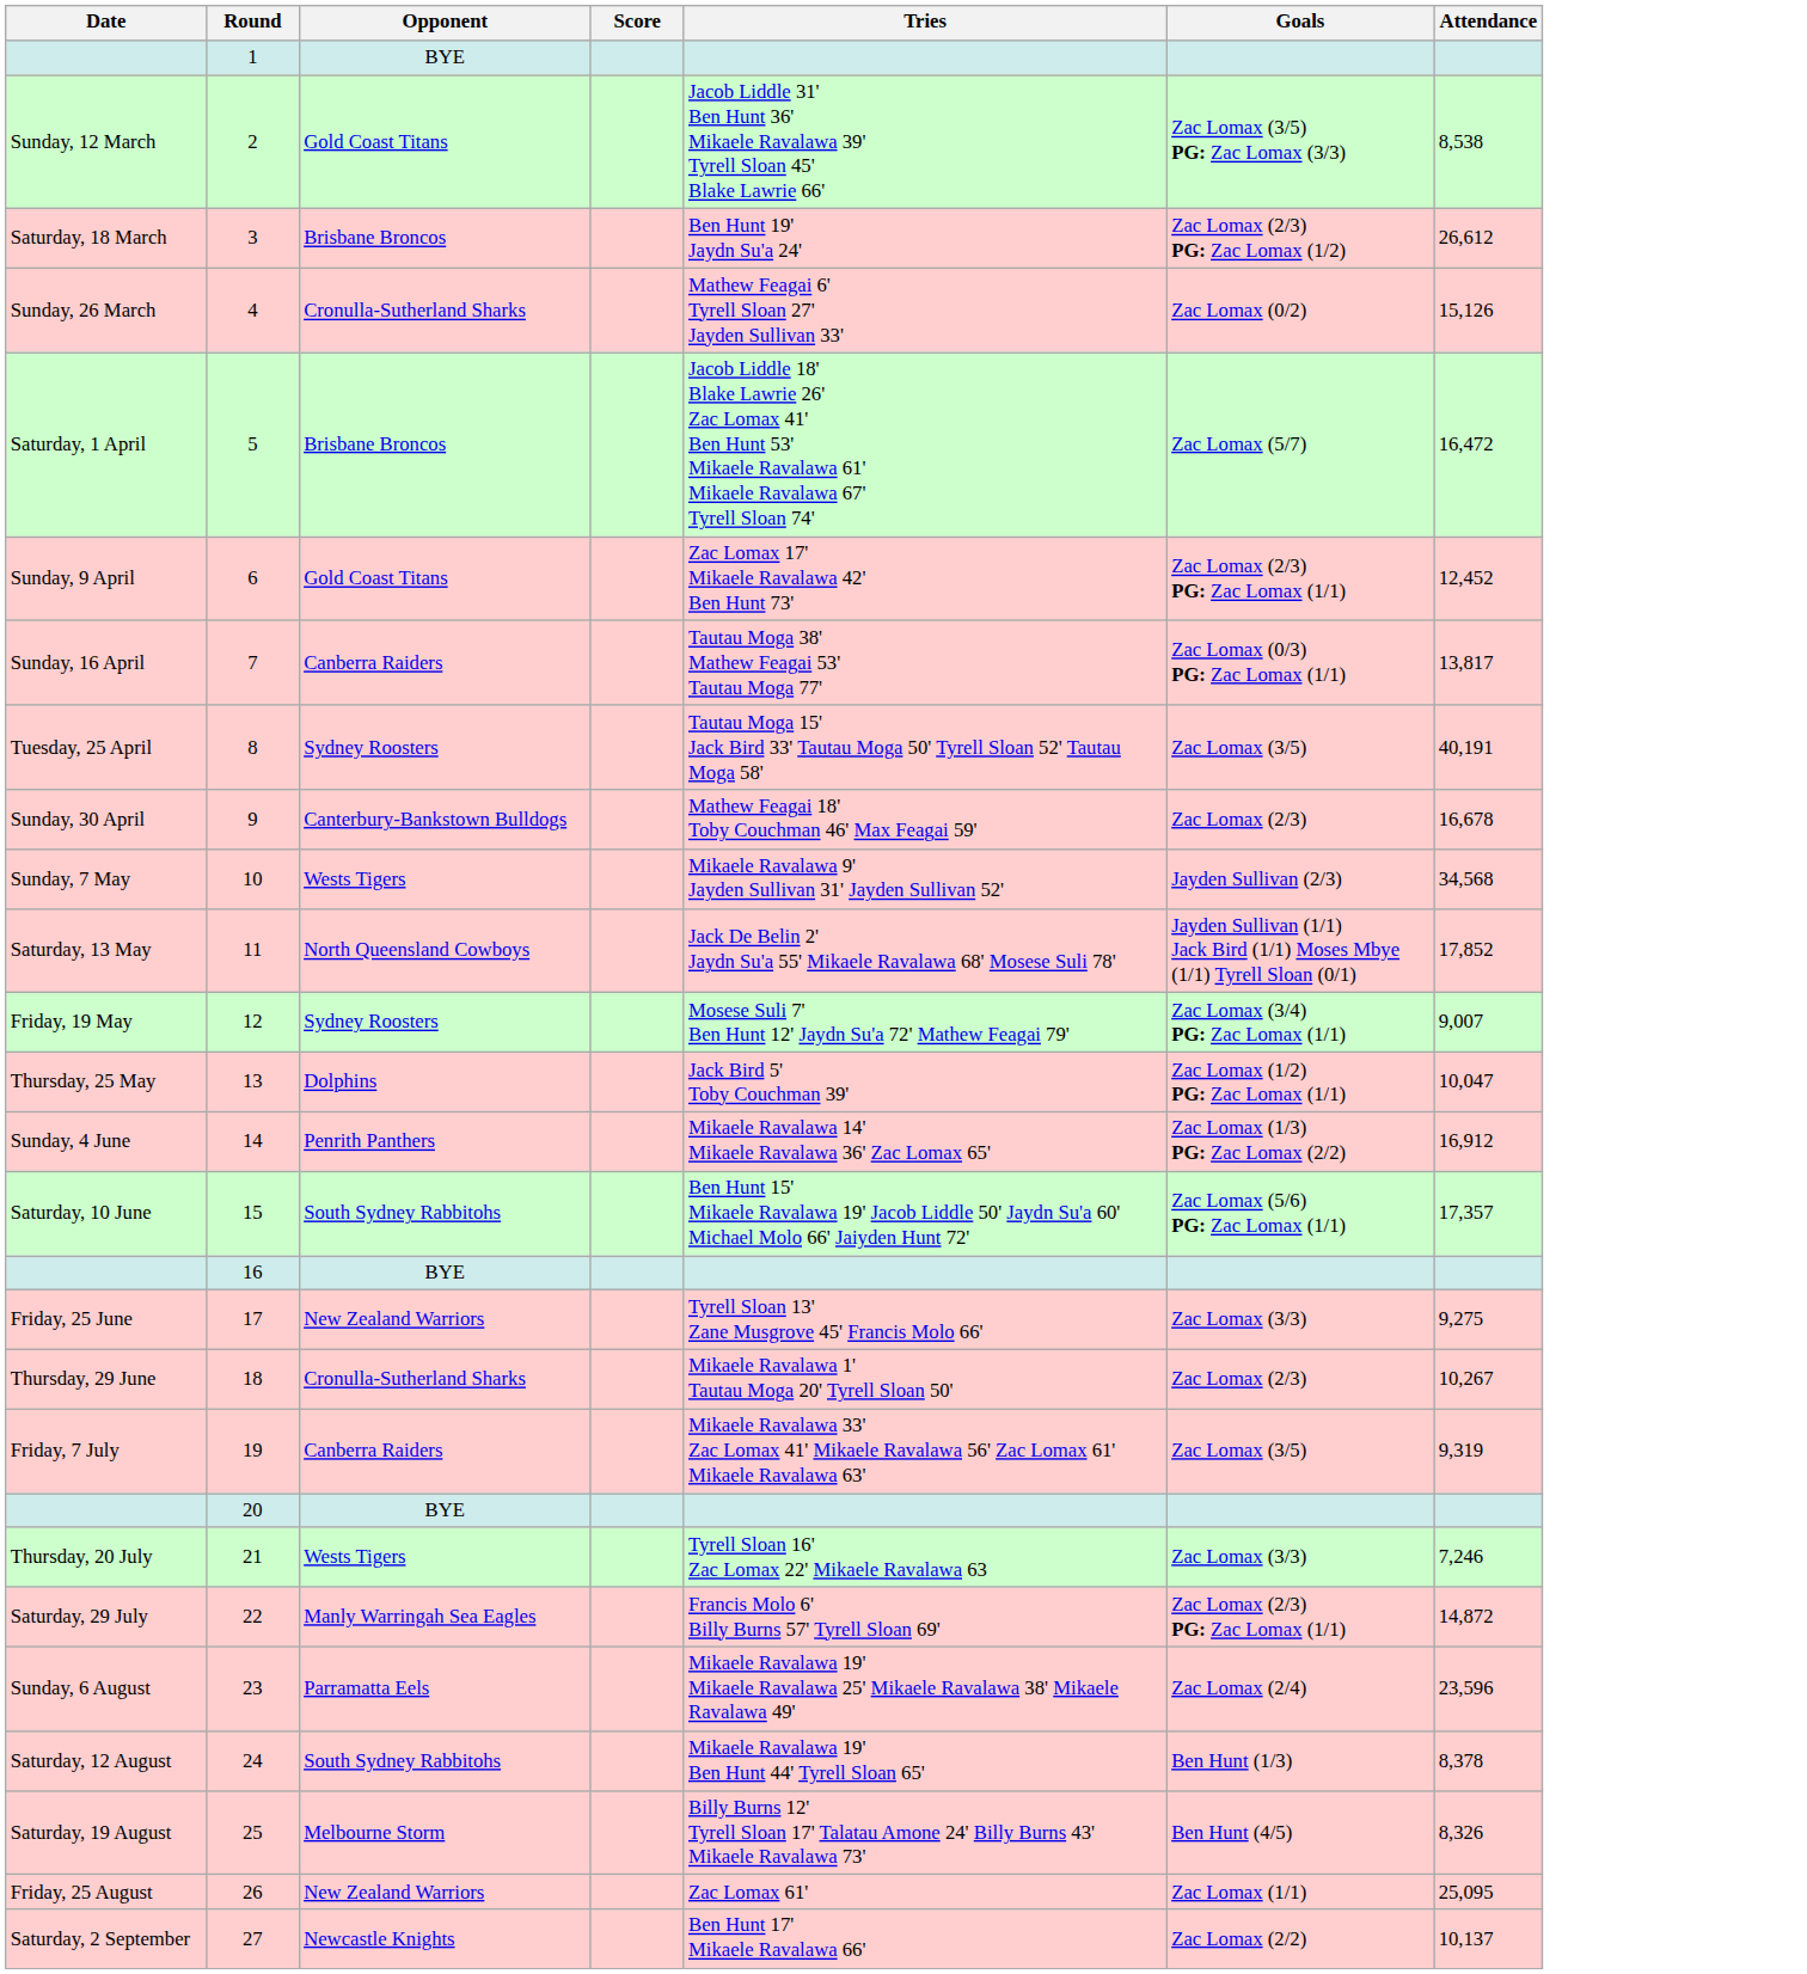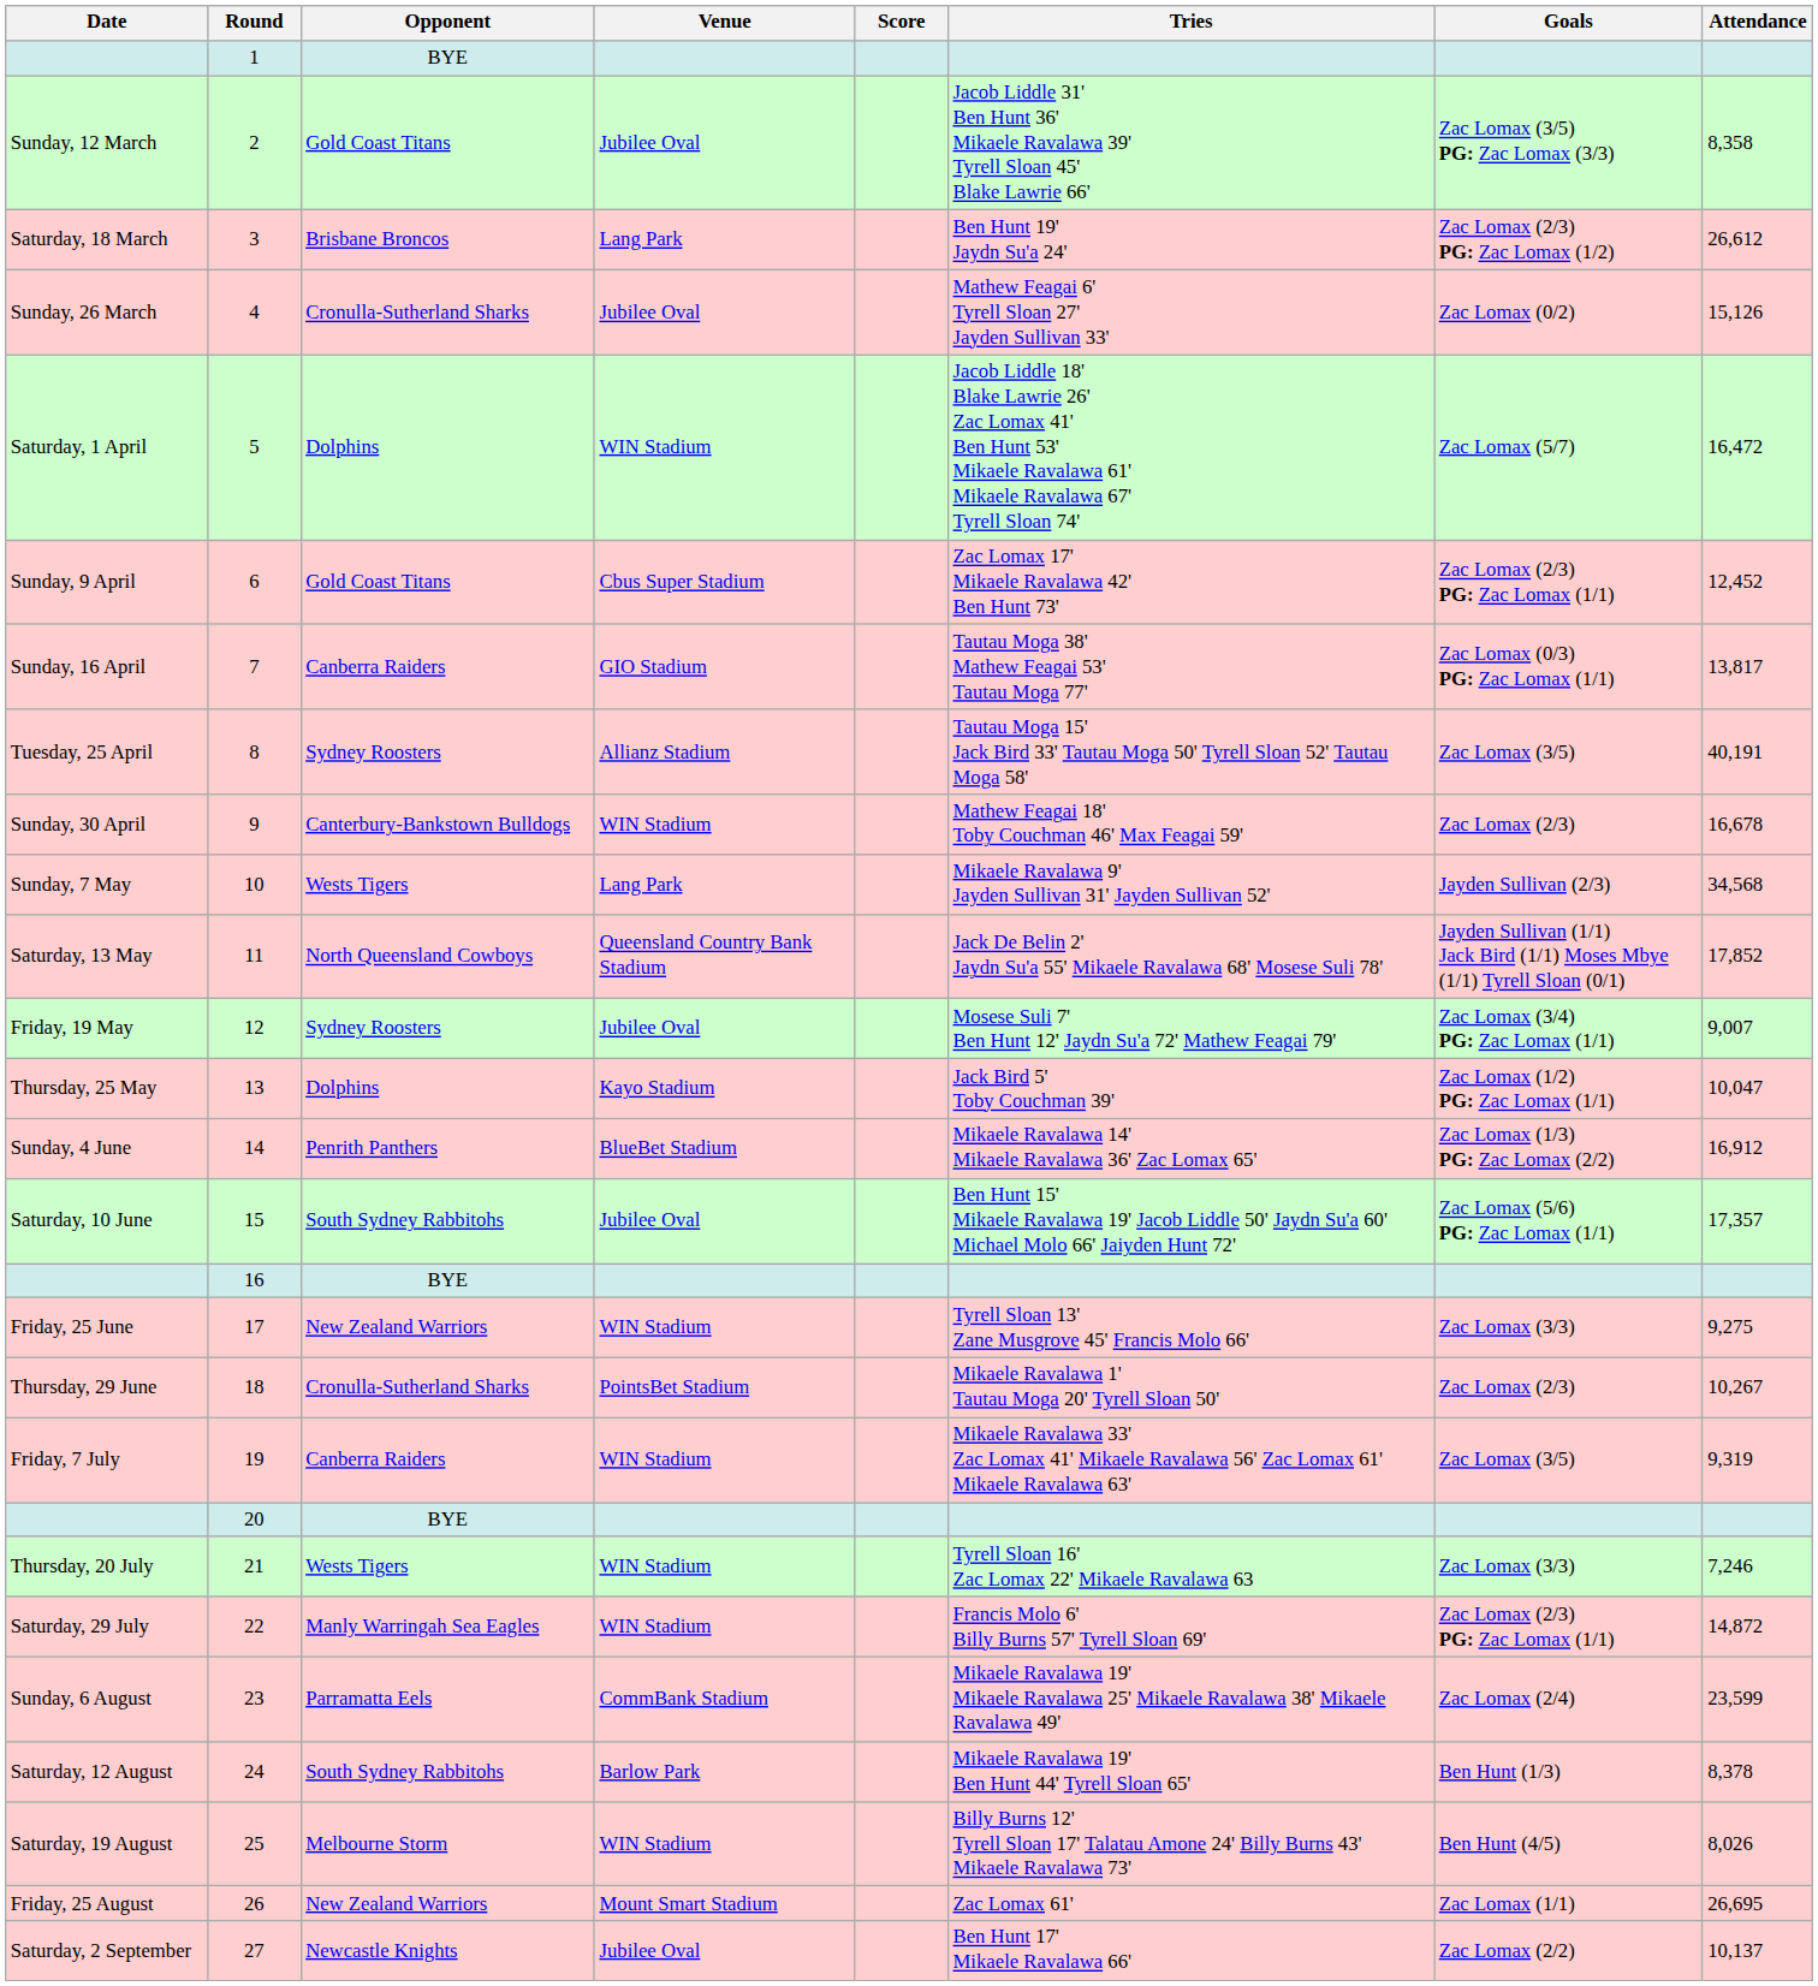 <table class="wikitable" style="font-size:75%;">
 <tr>
 <th width="115">Date</th>
 <th width="50">Round</th>
 <th width="170">Opponent</th>
+<th width="150">Venue</th>
 <th width="50">Score</th>
 <th width="285">Tries</th>
 <th width="155">Goals</th>
 <th width="60">Attendance</th>
 </tr>
 <tr bgcolor= #CFECEC>
 <td></td>
 <td style="text-align:center;">1</td>
 <td style="text-align:center;">BYE</td>
 <td></td>
 <td></td>
 <td></td>
 <td></td>
+<td></td>
 </tr>
 <tr bgcolor=#CCFFCC>
 <td>Sunday, 12 March</td>
 <td style="text-align:center;">2</td>
 <td> <a href='#'>Gold Coast Titans</a></td>
+<td><a href='#'>Jubilee Oval</a></td>
 <td style="text-align:center;"></td>
 <td><a href='#'>Jacob Liddle</a> 31' <br> <a href='#'>Ben Hunt</a> 36' <br> <a href='#'>Mikaele Ravalawa</a> 39' <br> <a href='#'>Tyrell Sloan</a> 45' <br> <a href='#'>Blake Lawrie</a> 66'</td>
 <td><a href='#'>Zac Lomax</a> (3/5) <br> <strong>PG:</strong> <a href='#'>Zac Lomax</a> (3/3)</td>
-<td>8,538</td>
+<td>8,358</td>
 </tr>
 <tr bgcolor=FFCFCF>
 <td>Saturday, 18 March</td>
 <td style="text-align:center;">3</td>
 <td> <a href='#'>Brisbane Broncos</a></td>
+<td><a href='#'>Lang Park</a></td>
 <td style="text-align:center;"><br></td>
 <td><a href='#'>Ben Hunt</a> 19' <br> <a href='#'>Jaydn Su'a</a> 24'</td>
 <td><a href='#'>Zac Lomax</a> (2/3) <br> <strong>PG:</strong> <a href='#'>Zac Lomax</a> (1/2)</td>
 <td>26,612</td>
 </tr>
 <tr bgcolor=#FFCFCF>
 <td>Sunday, 26 March</td>
 <td style="text-align:center;">4</td>
 <td> <a href='#'>Cronulla-Sutherland Sharks</a></td>
+<td><a href='#'>Jubilee Oval</a></td>
 <td style="text-align:center;"><br></td>
 <td><a href='#'>Mathew Feagai</a> 6' <br> <a href='#'>Tyrell Sloan</a> 27' <br> <a href='#'>Jayden Sullivan</a> 33' <br></td>
 <td><a href='#'>Zac Lomax</a> (0/2) <br></td>
 <td>15,126</td>
 </tr>
 <tr bgcolor=#CCFFCC>
 <td>Saturday, 1 April</td>
 <td style="text-align:center;">5</td>
-<td> <a href='#'>Brisbane Broncos</a></td>
+<td> <a href='#'>Dolphins</a></td>
+<td><a href='#'>WIN Stadium</a></td>
 <td style="text-align:center;"></td>
 <td><a href='#'>Jacob Liddle</a> 18' <br> <a href='#'>Blake Lawrie</a> 26' <br> <a href='#'>Zac Lomax</a> 41' <br> <a href='#'>Ben Hunt</a> 53' <br> <a href='#'>Mikaele Ravalawa</a> 61' <br> <a href='#'>Mikaele Ravalawa</a> 67' <br> <a href='#'>Tyrell Sloan</a> 74'</td>
 <td><a href='#'>Zac Lomax</a> (5/7)</td>
 <td>16,472</td>
 </tr>
 <tr bgcolor=#FFCFCF>
 <td>Sunday, 9 April</td>
 <td style="text-align:center;">6</td>
 <td> <a href='#'>Gold Coast Titans</a></td>
+<td><a href='#'>Cbus Super Stadium</a></td>
 <td style="text-align:center;"></td>
 <td><a href='#'>Zac Lomax</a> 17' <br> <a href='#'>Mikaele Ravalawa</a> 42' <br> <a href='#'>Ben Hunt</a> 73' <br></td>
 <td><a href='#'>Zac Lomax</a> (2/3) <br> <strong>PG:</strong> <a href='#'>Zac Lomax</a> (1/1)</td>
 <td>12,452</td>
 </tr>
 <tr bgcolor=#FFCFCF>
 <td>Sunday, 16 April</td>
 <td style="text-align:center;">7</td>
 <td> <a href='#'>Canberra Raiders</a></td>
+<td><a href='#'>GIO Stadium</a></td>
 <td style="text-align:center;"></td>
 <td><a href='#'>Tautau Moga</a> 38' <br> <a href='#'>Mathew Feagai</a> 53' <br> <a href='#'>Tautau Moga</a> 77' <br></td>
 <td><a href='#'>Zac Lomax</a> (0/3) <br> <strong>PG:</strong> <a href='#'>Zac Lomax</a> (1/1)</td>
 <td>13,817</td>
 </tr>
 <tr bgcolor=FFCFCF>
 <td>Tuesday, 25 April</td>
 <td style="text-align:center;">8</td>
 <td> <a href='#'>Sydney Roosters</a></td>
+<td><a href='#'>Allianz Stadium</a></td>
 <td style="text-align:center;"></td>
 <td><a href='#'>Tautau Moga</a> 15'<br><a href='#'>Jack Bird</a> 33' <a href='#'>Tautau Moga</a> 50' <a href='#'>Tyrell Sloan</a> 52' <a href='#'>Tautau Moga</a> 58'</td>
 <td><a href='#'>Zac Lomax</a> (3/5)</td>
 <td>40,191</td>
 </tr>
 <tr bgcolor=FFCFCF>
 <td>Sunday, 30 April</td>
 <td style="text-align:center;">9</td>
 <td> <a href='#'>Canterbury-Bankstown Bulldogs</a></td>
+<td><a href='#'>WIN Stadium</a></td>
 <td style="text-align:center;"></td>
 <td><a href='#'>Mathew Feagai</a> 18'<br><a href='#'>Toby Couchman</a> 46' <a href='#'>Max Feagai</a> 59'</td>
 <td><a href='#'>Zac Lomax</a> (2/3)</td>
 <td>16,678</td>
 </tr>
 <tr bgcolor=FFCFCF>
 <td>Sunday, 7 May</td>
 <td style="text-align:center;">10</td>
 <td> <a href='#'>Wests Tigers</a></td>
+<td><a href='#'>Lang Park</a></td>
 <td style="text-align:center;"></td>
 <td><a href='#'>Mikaele Ravalawa</a> 9'<br><a href='#'>Jayden Sullivan</a> 31' <a href='#'>Jayden Sullivan</a> 52'</td>
 <td><a href='#'>Jayden Sullivan</a> (2/3)</td>
 <td>34,568</td>
 </tr>
 <tr bgcolor=FFCFCF>
 <td>Saturday, 13 May</td>
 <td style="text-align:center;">11</td>
 <td> <a href='#'>North Queensland Cowboys</a></td>
+<td><a href='#'>Queensland Country Bank Stadium</a></td>
 <td style="text-align:center;"></td>
 <td><a href='#'>Jack De Belin</a> 2'<br><a href='#'>Jaydn Su'a</a> 55' <a href='#'>Mikaele Ravalawa</a> 68' <a href='#'>Mosese Suli</a> 78'</td>
 <td><a href='#'>Jayden Sullivan</a> (1/1)<br><a href='#'>Jack Bird</a> (1/1) <a href='#'>Moses Mbye</a> (1/1) <a href='#'>Tyrell Sloan</a> (0/1)</td>
 <td>17,852</td>
 </tr>
 <tr bgcolor=CCFFCC>
 <td>Friday, 19 May</td>
 <td style="text-align:center;">12</td>
 <td> <a href='#'>Sydney Roosters</a></td>
+<td><a href='#'>Jubilee Oval</a></td>
 <td style="text-align:center;"></td>
 <td><a href='#'>Mosese Suli</a> 7'<br><a href='#'>Ben Hunt</a> 12' <a href='#'>Jaydn Su'a</a> 72' <a href='#'>Mathew Feagai</a> 79'</td>
 <td><a href='#'>Zac Lomax</a> (3/4) <br> <strong>PG:</strong> <a href='#'>Zac Lomax</a> (1/1)</td>
 <td>9,007</td>
 </tr>
 <tr bgcolor=FFCFCF>
 <td>Thursday, 25 May</td>
 <td style="text-align:center;">13</td>
 <td> <a href='#'>Dolphins</a></td>
+<td><a href='#'>Kayo Stadium</a></td>
 <td style="text-align:center;"></td>
 <td><a href='#'>Jack Bird</a> 5'<br><a href='#'>Toby Couchman</a> 39'</td>
 <td><a href='#'>Zac Lomax</a> (1/2) <br> <strong>PG:</strong> <a href='#'>Zac Lomax</a> (1/1)</td>
 <td>10,047</td>
 </tr>
 <tr bgcolor=FFCFCF>
 <td>Sunday, 4 June</td>
 <td style="text-align:center;">14</td>
 <td> <a href='#'>Penrith Panthers</a></td>
+<td><a href='#'>BlueBet Stadium</a></td>
 <td style="text-align:center;"></td>
 <td><a href='#'>Mikaele Ravalawa</a> 14'<br><a href='#'>Mikaele Ravalawa</a> 36' <a href='#'>Zac Lomax</a> 65'</td>
 <td><a href='#'>Zac Lomax</a> (1/3) <br> <strong>PG:</strong> <a href='#'>Zac Lomax</a> (2/2)</td>
 <td>16,912</td>
 </tr>
 <tr bgcolor=CCFFCC>
 <td>Saturday, 10 June</td>
 <td style="text-align:center;">15</td>
 <td> <a href='#'>South Sydney Rabbitohs</a></td>
+<td><a href='#'>Jubilee Oval</a></td>
 <td style="text-align:center;"></td>
 <td><a href='#'>Ben Hunt</a> 15'<br><a href='#'>Mikaele Ravalawa</a> 19' <a href='#'>Jacob Liddle</a> 50' <a href='#'>Jaydn Su'a</a> 60' <a href='#'>Michael Molo</a> 66' <a href='#'>Jaiyden Hunt</a> 72'</td>
 <td><a href='#'>Zac Lomax</a> (5/6) <br> <strong>PG:</strong> <a href='#'>Zac Lomax</a> (1/1)</td>
 <td>17,357</td>
 </tr>
 <tr bgcolor= #CFECEC>
 <td></td>
 <td style="text-align:center;">16</td>
 <td style="text-align:center;">BYE</td>
 <td></td>
 <td></td>
 <td></td>
 <td></td>
+<td></td>
 </tr>
 <tr bgcolor=FFCFCF>
 <td>Friday, 25 June</td>
 <td style="text-align:center;">17</td>
 <td> <a href='#'>New Zealand Warriors</a></td>
+<td><a href='#'>WIN Stadium</a></td>
 <td style="text-align:center;"></td>
 <td><a href='#'>Tyrell Sloan</a> 13'<br><a href='#'>Zane Musgrove</a> 45' <a href='#'>Francis Molo</a> 66'</td>
 <td><a href='#'>Zac Lomax</a> (3/3)</td>
 <td>9,275</td>
 </tr>
 <tr bgcolor=FFCFCF>
 <td>Thursday, 29 June</td>
 <td style="text-align:center;">18</td>
 <td> <a href='#'>Cronulla-Sutherland Sharks</a></td>
+<td><a href='#'>PointsBet Stadium</a></td>
 <td style="text-align:center;"></td>
 <td><a href='#'>Mikaele Ravalawa</a> 1'<br><a href='#'>Tautau Moga</a> 20' <a href='#'>Tyrell Sloan</a> 50'</td>
 <td><a href='#'>Zac Lomax</a> (2/3)</td>
 <td>10,267</td>
 </tr>
 <tr bgcolor=FFCFCF>
 <td>Friday, 7 July</td>
 <td style="text-align:center;">19</td>
 <td> <a href='#'>Canberra Raiders</a></td>
+<td><a href='#'>WIN Stadium</a></td>
 <td style="text-align:center;"></td>
 <td><a href='#'>Mikaele Ravalawa</a> 33'<br><a href='#'>Zac Lomax</a> 41' <a href='#'>Mikaele Ravalawa</a> 56' <a href='#'>Zac Lomax</a> 61' <a href='#'>Mikaele Ravalawa</a> 63'</td>
 <td><a href='#'>Zac Lomax</a> (3/5)</td>
 <td>9,319</td>
 </tr>
 <tr bgcolor= #CFECEC>
 <td></td>
 <td style="text-align:center;">20</td>
 <td style="text-align:center;">BYE</td>
 <td></td>
 <td></td>
 <td></td>
 <td></td>
+<td></td>
 </tr>
 <tr bgcolor=CCFFCC>
 <td>Thursday, 20 July</td>
 <td style="text-align:center;">21</td>
 <td> <a href='#'>Wests Tigers</a></td>
+<td><a href='#'>WIN Stadium</a></td>
 <td style="text-align:center;"></td>
 <td><a href='#'>Tyrell Sloan</a> 16'<br><a href='#'>Zac Lomax</a> 22' <a href='#'>Mikaele Ravalawa</a> 63</td>
 <td><a href='#'>Zac Lomax</a> (3/3)</td>
 <td>7,246</td>
 </tr>
 <tr bgcolor=FFCFCF>
 <td>Saturday, 29 July</td>
 <td style="text-align:center;">22</td>
 <td> <a href='#'>Manly Warringah Sea Eagles</a></td>
+<td><a href='#'>WIN Stadium</a></td>
 <td style="text-align:center;"></td>
 <td><a href='#'>Francis Molo</a> 6'<br><a href='#'>Billy Burns</a> 57' <a href='#'>Tyrell Sloan</a> 69'</td>
 <td><a href='#'>Zac Lomax</a> (2/3) <br> <strong>PG:</strong> <a href='#'>Zac Lomax</a> (1/1)</td>
 <td>14,872</td>
 </tr>
 <tr bgcolor=FFCFCF>
 <td>Sunday, 6 August</td>
 <td style="text-align:center;">23</td>
 <td> <a href='#'>Parramatta Eels</a></td>
+<td><a href='#'>CommBank Stadium</a></td>
 <td style="text-align:center;"></td>
 <td><a href='#'>Mikaele Ravalawa</a> 19'<br><a href='#'>Mikaele Ravalawa</a> 25' <a href='#'>Mikaele Ravalawa</a> 38' <a href='#'>Mikaele Ravalawa</a> 49'</td>
 <td><a href='#'>Zac Lomax</a> (2/4)</td>
-<td>23,596</td>
+<td>23,599</td>
 </tr>
 <tr bgcolor=FFCFCF>
 <td>Saturday, 12 August</td>
 <td style="text-align:center;">24</td>
 <td> <a href='#'>South Sydney Rabbitohs</a></td>
+<td><a href='#'>Barlow Park</a></td>
 <td style="text-align:center;"></td>
 <td><a href='#'>Mikaele Ravalawa</a> 19'<br><a href='#'>Ben Hunt</a> 44' <a href='#'>Tyrell Sloan</a> 65'</td>
 <td><a href='#'>Ben Hunt</a> (1/3)</td>
 <td>8,378</td>
 </tr>
 <tr bgcolor=FFCFCF>
 <td>Saturday, 19 August</td>
 <td style="text-align:center;">25</td>
 <td> <a href='#'>Melbourne Storm</a></td>
+<td><a href='#'>WIN Stadium</a></td>
 <td style="text-align:center;"></td>
 <td><a href='#'>Billy Burns</a> 12'<br><a href='#'>Tyrell Sloan</a> 17' <a href='#'>Talatau Amone</a> 24' <a href='#'>Billy Burns</a> 43' <a href='#'>Mikaele Ravalawa</a> 73'</td>
 <td><a href='#'>Ben Hunt</a> (4/5)</td>
-<td>8,326</td>
+<td>8,026</td>
 </tr>
 <tr bgcolor=FFCFCF>
 <td>Friday, 25 August</td>
 <td style="text-align:center;">26</td>
 <td> <a href='#'>New Zealand Warriors</a></td>
+<td><a href='#'>Mount Smart Stadium</a></td>
 <td style="text-align:center;"></td>
 <td><a href='#'>Zac Lomax</a> 61'</td>
 <td><a href='#'>Zac Lomax</a> (1/1)</td>
-<td>25,095</td>
+<td>26,695</td>
 </tr>
 <tr bgcolor=FFCFCF>
 <td>Saturday, 2 September</td>
 <td style="text-align:center;">27</td>
 <td> <a href='#'>Newcastle Knights</a></td>
+<td><a href='#'>Jubilee Oval</a></td>
 <td style="text-align:center;"></td>
 <td><a href='#'>Ben Hunt</a> 17'<br><a href='#'>Mikaele Ravalawa</a> 66'</td>
 <td><a href='#'>Zac Lomax</a> (2/2)</td>
 <td>10,137</td>
 </tr>
 </table>
